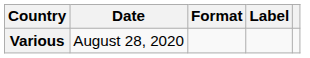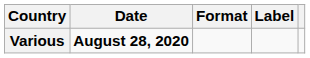 <table class="wikitable plainrowheaders">
 <tr>
 <th>Country</th>
 <th>Date</th>
 <th>Format</th>
 <th>Label</th>
 <th></th>
 </tr>
 <tr>
 <th scope="row" rowspan="4">Various</th>
-<td>August 28, 2020</td>
+<td><strong>August 28, 2020</strong></td>
 <td></td>
 <td></td>
 <td></td>
 </tr>
 </table>
